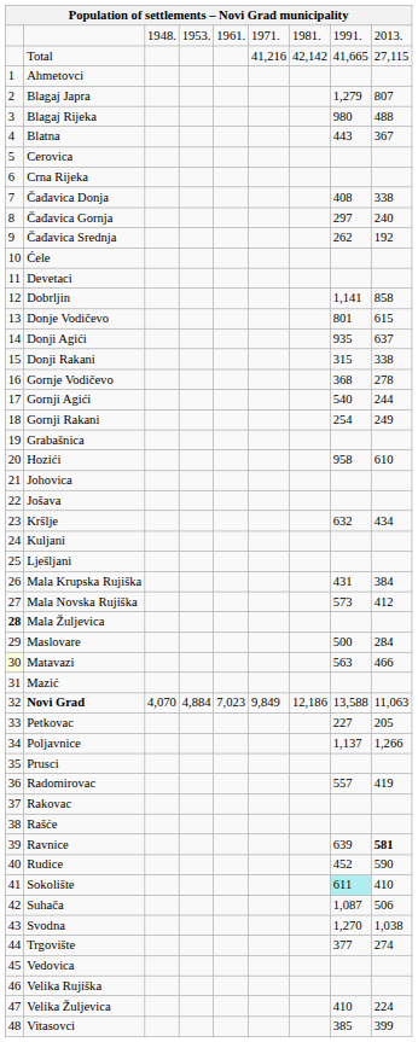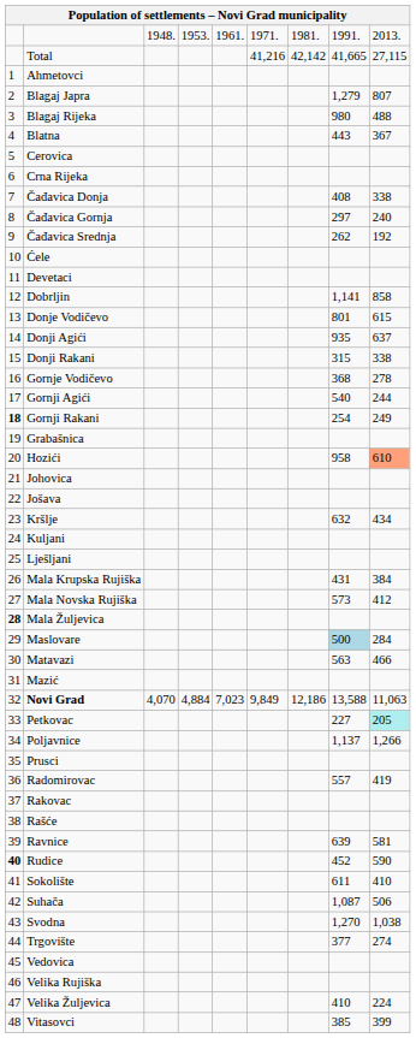 <table class="wikitable">
 <tr>
 <th colspan="9">Population of settlements – Novi Grad municipality</th>
 </tr>
 <tr>
 <td></td>
 <td></td>
 <td>1948.</td>
 <td>1953.</td>
 <td>1961.</td>
 <td>1971.</td>
 <td>1981.</td>
 <td>1991.</td>
 <td>2013.</td>
 </tr>
 <tr>
 <td></td>
 <td>Total</td>
 <td></td>
 <td></td>
 <td></td>
 <td>41,216</td>
 <td>42,142</td>
 <td>41,665</td>
 <td>27,115</td>
 </tr>
 <tr>
 <td>1</td>
 <td>Ahmetovci</td>
 <td></td>
 <td></td>
 <td></td>
 <td></td>
 <td></td>
 <td></td>
 <td></td>
 </tr>
 <tr>
 <td>2</td>
 <td>Blagaj Japra</td>
 <td></td>
 <td></td>
 <td></td>
 <td></td>
 <td></td>
 <td>1,279</td>
 <td>807</td>
 </tr>
 <tr>
 <td>3</td>
 <td>Blagaj Rijeka</td>
 <td></td>
 <td></td>
 <td></td>
 <td></td>
 <td></td>
 <td>980</td>
 <td>488</td>
 </tr>
 <tr>
 <td>4</td>
 <td>Blatna</td>
 <td></td>
 <td></td>
 <td></td>
 <td></td>
 <td></td>
 <td>443</td>
 <td>367</td>
 </tr>
 <tr>
 <td>5</td>
 <td>Cerovica</td>
 <td></td>
 <td></td>
 <td></td>
 <td></td>
 <td></td>
 <td></td>
 <td></td>
 </tr>
 <tr>
 <td>6</td>
 <td>Crna Rijeka</td>
 <td></td>
 <td></td>
 <td></td>
 <td></td>
 <td></td>
 <td></td>
 <td></td>
 </tr>
 <tr>
 <td>7</td>
 <td>Čađavica Donja</td>
 <td></td>
 <td></td>
 <td></td>
 <td></td>
 <td></td>
 <td>408</td>
 <td>338</td>
 </tr>
 <tr>
 <td>8</td>
 <td>Čađavica Gornja</td>
 <td></td>
 <td></td>
 <td></td>
 <td></td>
 <td></td>
 <td>297</td>
 <td>240</td>
 </tr>
 <tr>
 <td>9</td>
 <td>Čađavica Srednja</td>
 <td></td>
 <td></td>
 <td></td>
 <td></td>
 <td></td>
 <td>262</td>
 <td>192</td>
 </tr>
 <tr>
 <td>10</td>
 <td>Ćele</td>
 <td></td>
 <td></td>
 <td></td>
 <td></td>
 <td></td>
 <td></td>
 <td></td>
 </tr>
 <tr>
 <td>11</td>
 <td>Devetaci</td>
 <td></td>
 <td></td>
 <td></td>
 <td></td>
 <td></td>
 <td></td>
 <td></td>
 </tr>
 <tr>
 <td>12</td>
 <td>Dobrljin</td>
 <td></td>
 <td></td>
 <td></td>
 <td></td>
 <td></td>
 <td>1,141</td>
 <td>858</td>
 </tr>
 <tr>
 <td>13</td>
 <td>Donje Vodičevo</td>
 <td></td>
 <td></td>
 <td></td>
 <td></td>
 <td></td>
 <td>801</td>
 <td>615</td>
 </tr>
 <tr>
 <td>14</td>
 <td>Donji Agići</td>
 <td></td>
 <td></td>
 <td></td>
 <td></td>
 <td></td>
 <td>935</td>
 <td>637</td>
 </tr>
 <tr>
 <td>15</td>
 <td>Donji Rakani</td>
 <td></td>
 <td></td>
 <td></td>
 <td></td>
 <td></td>
 <td>315</td>
 <td>338</td>
 </tr>
 <tr>
 <td>16</td>
 <td>Gornje Vodičevo</td>
 <td></td>
 <td></td>
 <td></td>
 <td></td>
 <td></td>
 <td>368</td>
 <td>278</td>
 </tr>
 <tr>
 <td>17</td>
 <td>Gornji Agići</td>
 <td></td>
 <td></td>
 <td></td>
 <td></td>
 <td></td>
 <td>540</td>
 <td>244</td>
 </tr>
 <tr>
-<td>18</td>
+<td><strong>18</strong></td>
 <td>Gornji Rakani</td>
 <td></td>
 <td></td>
 <td></td>
 <td></td>
 <td></td>
 <td>254</td>
 <td>249</td>
 </tr>
 <tr>
 <td>19</td>
 <td>Grabašnica</td>
 <td></td>
 <td></td>
 <td></td>
 <td></td>
 <td></td>
 <td></td>
 <td></td>
 </tr>
 <tr>
 <td>20</td>
 <td>Hozići</td>
 <td></td>
 <td></td>
 <td></td>
 <td></td>
 <td></td>
 <td>958</td>
-<td>610</td>
+<td style="background: lightsalmon;">610</td>
 </tr>
 <tr>
 <td>21</td>
 <td>Johovica</td>
 <td></td>
 <td></td>
 <td></td>
 <td></td>
 <td></td>
 <td></td>
 <td></td>
 </tr>
 <tr>
 <td>22</td>
 <td>Jošava</td>
 <td></td>
 <td></td>
 <td></td>
 <td></td>
 <td></td>
 <td></td>
 <td></td>
 </tr>
 <tr>
 <td>23</td>
 <td>Kršlje</td>
 <td></td>
 <td></td>
 <td></td>
 <td></td>
 <td></td>
 <td>632</td>
 <td>434</td>
 </tr>
 <tr>
 <td>24</td>
 <td>Kuljani</td>
 <td></td>
 <td></td>
 <td></td>
 <td></td>
 <td></td>
 <td></td>
 <td></td>
 </tr>
 <tr>
 <td>25</td>
 <td>Lješljani</td>
 <td></td>
 <td></td>
 <td></td>
 <td></td>
 <td></td>
 <td></td>
 <td></td>
 </tr>
 <tr>
 <td>26</td>
 <td>Mala Krupska Rujiška</td>
 <td></td>
 <td></td>
 <td></td>
 <td></td>
 <td></td>
 <td>431</td>
 <td>384</td>
 </tr>
 <tr>
 <td>27</td>
 <td>Mala Novska Rujiška</td>
 <td></td>
 <td></td>
 <td></td>
 <td></td>
 <td></td>
 <td>573</td>
 <td>412</td>
 </tr>
 <tr>
 <td><strong>28</strong></td>
 <td>Mala Žuljevica</td>
 <td></td>
 <td></td>
 <td></td>
 <td></td>
 <td></td>
 <td></td>
 <td></td>
 </tr>
 <tr>
 <td>29</td>
 <td>Maslovare</td>
 <td></td>
 <td></td>
 <td></td>
 <td></td>
 <td></td>
-<td>500</td>
+<td style="background: lightblue;">500</td>
 <td>284</td>
 </tr>
 <tr>
-<td style="background: lightyellow;">30</td>
+<td>30</td>
 <td>Matavazi</td>
 <td></td>
 <td></td>
 <td></td>
 <td></td>
 <td></td>
 <td>563</td>
 <td>466</td>
 </tr>
 <tr>
 <td>31</td>
 <td>Mazić</td>
 <td></td>
 <td></td>
 <td></td>
 <td></td>
 <td></td>
 <td></td>
 <td></td>
 </tr>
 <tr>
 <td>32</td>
 <td><strong>Novi Grad</strong></td>
 <td>4,070</td>
 <td>4,884</td>
 <td>7,023</td>
 <td>9,849</td>
 <td>12,186</td>
 <td>13,588</td>
 <td>11,063</td>
 </tr>
 <tr>
 <td>33</td>
 <td>Petkovac</td>
 <td></td>
 <td></td>
 <td></td>
 <td></td>
 <td></td>
 <td>227</td>
-<td>205</td>
+<td style="background: paleturquoise;">205</td>
 </tr>
 <tr>
 <td>34</td>
 <td>Poljavnice</td>
 <td></td>
 <td></td>
 <td></td>
 <td></td>
 <td></td>
 <td>1,137</td>
 <td>1,266</td>
 </tr>
 <tr>
 <td>35</td>
 <td>Prusci</td>
 <td></td>
 <td></td>
 <td></td>
 <td></td>
 <td></td>
 <td></td>
 <td></td>
 </tr>
 <tr>
 <td>36</td>
 <td>Radomirovac</td>
 <td></td>
 <td></td>
 <td></td>
 <td></td>
 <td></td>
 <td>557</td>
 <td>419</td>
 </tr>
 <tr>
 <td>37</td>
 <td>Rakovac</td>
 <td></td>
 <td></td>
 <td></td>
 <td></td>
 <td></td>
 <td></td>
 <td></td>
 </tr>
 <tr>
 <td>38</td>
 <td>Rašće</td>
 <td></td>
 <td></td>
 <td></td>
 <td></td>
 <td></td>
 <td></td>
 <td></td>
 </tr>
 <tr>
 <td>39</td>
 <td>Ravnice</td>
 <td></td>
 <td></td>
 <td></td>
 <td></td>
 <td></td>
 <td>639</td>
-<td><strong>581</strong></td>
+<td>581</td>
 </tr>
 <tr>
-<td>40</td>
+<td><strong>40</strong></td>
 <td>Rudice</td>
 <td></td>
 <td></td>
 <td></td>
 <td></td>
 <td></td>
 <td>452</td>
 <td>590</td>
 </tr>
 <tr>
 <td>41</td>
 <td>Sokolište</td>
 <td></td>
 <td></td>
 <td></td>
 <td></td>
 <td></td>
-<td style="background: paleturquoise;">611</td>
+<td>611</td>
 <td>410</td>
 </tr>
 <tr>
 <td>42</td>
 <td>Suhača</td>
 <td></td>
 <td></td>
 <td></td>
 <td></td>
 <td></td>
 <td>1,087</td>
 <td>506</td>
 </tr>
 <tr>
 <td>43</td>
 <td>Svodna</td>
 <td></td>
 <td></td>
 <td></td>
 <td></td>
 <td></td>
 <td>1,270</td>
 <td>1,038</td>
 </tr>
 <tr>
 <td>44</td>
 <td>Trgovište</td>
 <td></td>
 <td></td>
 <td></td>
 <td></td>
 <td></td>
 <td>377</td>
 <td>274</td>
 </tr>
 <tr>
 <td>45</td>
 <td>Vedovica</td>
 <td></td>
 <td></td>
 <td></td>
 <td></td>
 <td></td>
 <td></td>
 <td></td>
 </tr>
 <tr>
 <td>46</td>
 <td>Velika Rujiška</td>
 <td></td>
 <td></td>
 <td></td>
 <td></td>
 <td></td>
 <td></td>
 <td></td>
 </tr>
 <tr>
 <td>47</td>
 <td>Velika Žuljevica</td>
 <td></td>
 <td></td>
 <td></td>
 <td></td>
 <td></td>
 <td>410</td>
 <td>224</td>
 </tr>
 <tr>
 <td>48</td>
 <td>Vitasovci</td>
 <td></td>
 <td></td>
 <td></td>
 <td></td>
 <td></td>
 <td>385</td>
 <td>399</td>
 </tr>
 </table>
